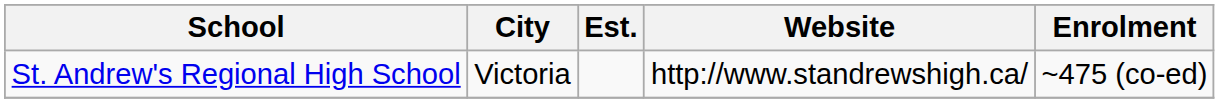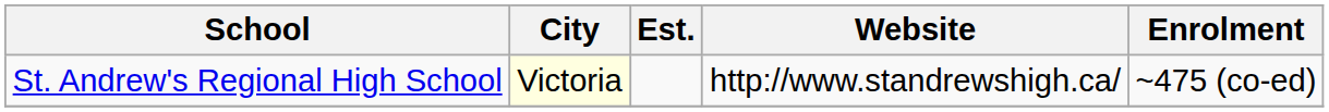 <table class="wikitable" border="1">
 <tr>
 <th>School</th>
 <th>City</th>
 <th>Est.</th>
 <th>Website</th>
 <th>Enrolment</th>
 </tr>
 <tr>
 <td><a href='#'>St. Andrew's Regional High School</a></td>
-<td>Victoria</td>
+<td style="background: lightyellow;">Victoria</td>
 <td></td>
 <td>http://www.standrewshigh.ca/</td>
 <td>~475 (co-ed)</td>
 </tr>
 <tr>
 </tr>
 </table>
